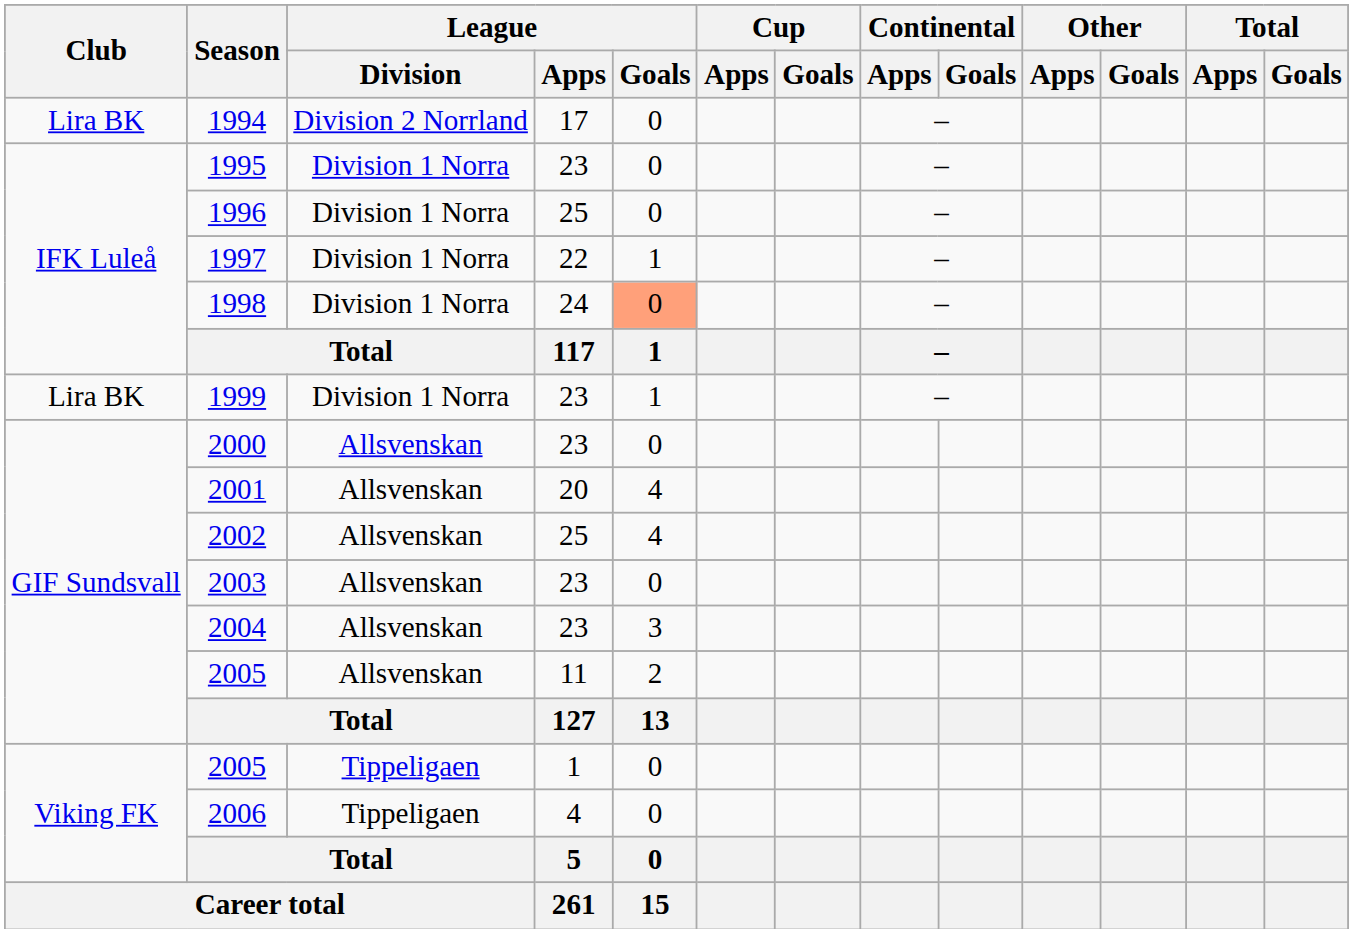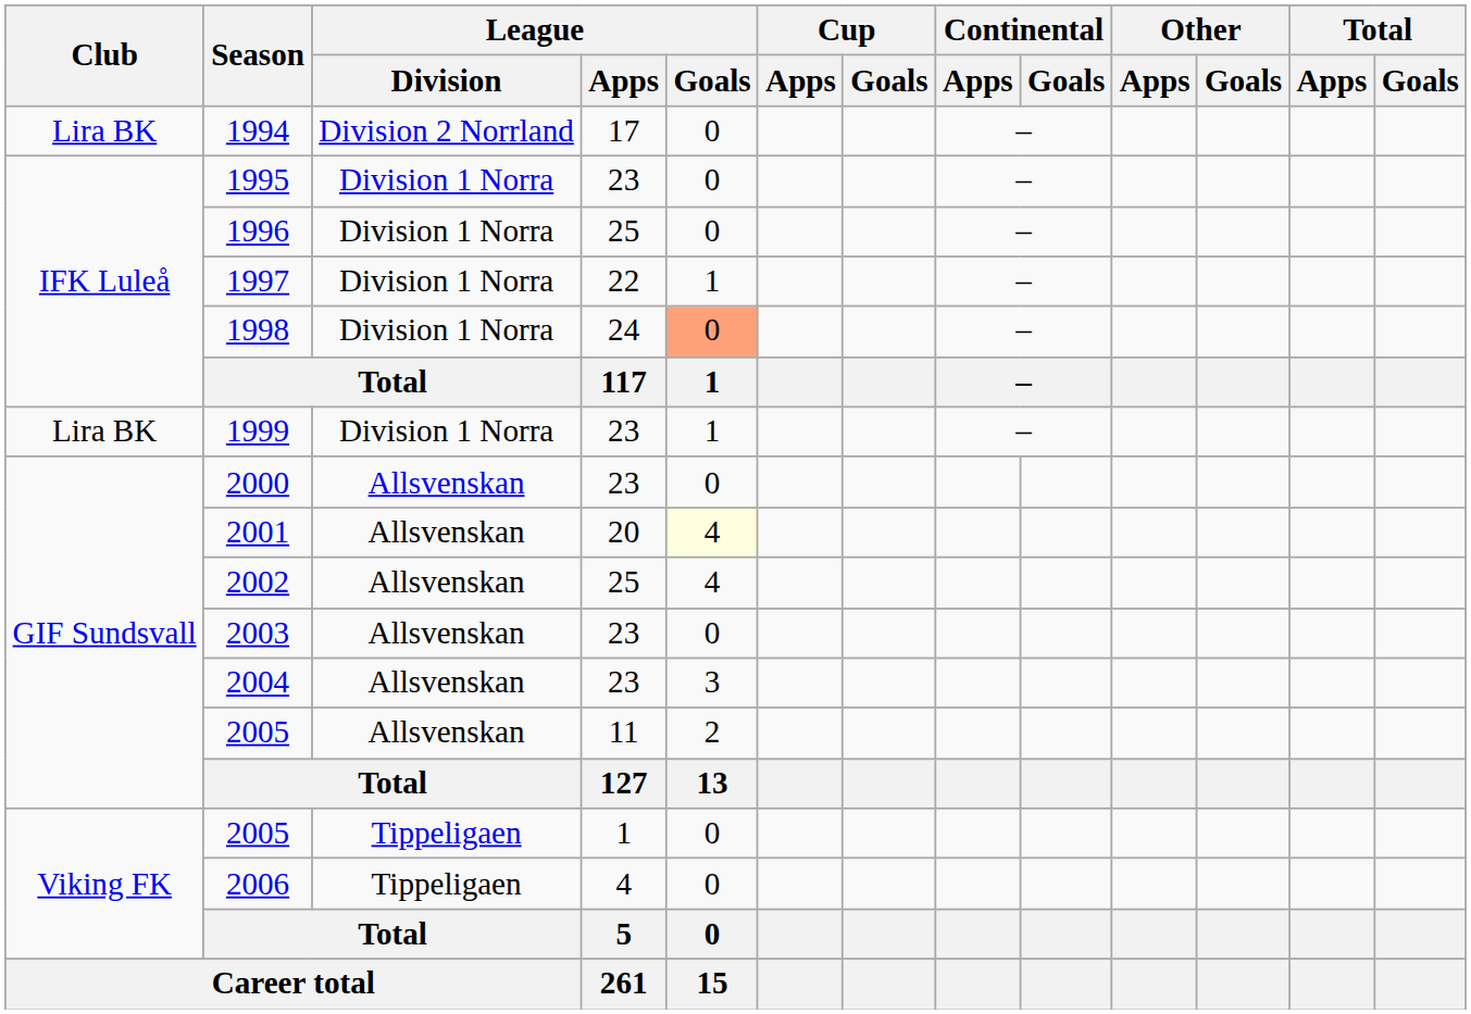 <table class="wikitable" style="text-align:center">
 <tr>
 <th rowspan="2">Club</th>
 <th rowspan="2">Season</th>
 <th colspan="3">League</th>
 <th colspan="2">Cup</th>
 <th colspan="2">Continental</th>
 <th colspan="2">Other</th>
 <th colspan="2">Total</th>
 </tr>
 <tr>
 <th>Division</th>
 <th>Apps</th>
 <th>Goals</th>
 <th>Apps</th>
 <th>Goals</th>
 <th>Apps</th>
 <th>Goals</th>
 <th>Apps</th>
 <th>Goals</th>
 <th>Apps</th>
 <th>Goals</th>
 </tr>
 <tr>
 <td><a href='#'>Lira BK</a></td>
 <td><a href='#'>1994</a></td>
 <td><a href='#'>Division 2 Norrland</a></td>
 <td>17</td>
 <td>0</td>
 <td></td>
 <td></td>
 <td colspan="2">–</td>
 <td></td>
 <td></td>
 <td></td>
 <td></td>
 </tr>
 <tr>
 <td rowspan="5"><a href='#'>IFK Luleå</a></td>
 <td><a href='#'>1995</a></td>
 <td><a href='#'>Division 1 Norra</a></td>
 <td>23</td>
 <td>0</td>
 <td></td>
 <td></td>
 <td colspan="2">–</td>
 <td></td>
 <td></td>
 <td></td>
 <td></td>
 </tr>
 <tr>
 <td><a href='#'>1996</a></td>
 <td>Division 1 Norra</td>
 <td>25</td>
 <td>0</td>
 <td></td>
 <td></td>
 <td colspan="2">–</td>
 <td></td>
 <td></td>
 <td></td>
 <td></td>
 </tr>
 <tr>
 <td><a href='#'>1997</a></td>
 <td>Division 1 Norra</td>
 <td>22</td>
 <td>1</td>
 <td></td>
 <td></td>
 <td colspan="2">–</td>
 <td></td>
 <td></td>
 <td></td>
 <td></td>
 </tr>
 <tr>
 <td><a href='#'>1998</a></td>
 <td>Division 1 Norra</td>
 <td>24</td>
 <td style="background: lightsalmon;">0</td>
 <td></td>
 <td></td>
 <td colspan="2">–</td>
 <td></td>
 <td></td>
 <td></td>
 <td></td>
 </tr>
 <tr>
 <th colspan="2">Total</th>
 <th>117</th>
 <th>1</th>
 <th></th>
 <th></th>
 <th colspan="2">–</th>
 <th></th>
 <th></th>
 <th></th>
 <th></th>
 </tr>
 <tr>
 <td>Lira BK</td>
 <td><a href='#'>1999</a></td>
 <td>Division 1 Norra</td>
 <td>23</td>
 <td>1</td>
 <td></td>
 <td></td>
 <td colspan="2">–</td>
 <td></td>
 <td></td>
 <td></td>
 <td></td>
 </tr>
 <tr>
 <td rowspan="7"><a href='#'>GIF Sundsvall</a></td>
 <td><a href='#'>2000</a></td>
 <td><a href='#'>Allsvenskan</a></td>
 <td>23</td>
 <td>0</td>
 <td></td>
 <td></td>
 <td></td>
 <td></td>
 <td></td>
 <td></td>
 <td></td>
 <td></td>
 </tr>
 <tr>
 <td><a href='#'>2001</a></td>
 <td>Allsvenskan</td>
 <td>20</td>
-<td>4</td>
+<td style="background: lightyellow;">4</td>
 <td></td>
 <td></td>
 <td></td>
 <td></td>
 <td></td>
 <td></td>
 <td></td>
 <td></td>
 </tr>
 <tr>
 <td><a href='#'>2002</a></td>
 <td>Allsvenskan</td>
 <td>25</td>
 <td>4</td>
 <td></td>
 <td></td>
 <td></td>
 <td></td>
 <td></td>
 <td></td>
 <td></td>
 <td></td>
 </tr>
 <tr>
 <td><a href='#'>2003</a></td>
 <td>Allsvenskan</td>
 <td>23</td>
 <td>0</td>
 <td></td>
 <td></td>
 <td></td>
 <td></td>
 <td></td>
 <td></td>
 <td></td>
 <td></td>
 </tr>
 <tr>
 <td><a href='#'>2004</a></td>
 <td>Allsvenskan</td>
 <td>23</td>
 <td>3</td>
 <td></td>
 <td></td>
 <td></td>
 <td></td>
 <td></td>
 <td></td>
 <td></td>
 <td></td>
 </tr>
 <tr>
 <td><a href='#'>2005</a></td>
 <td>Allsvenskan</td>
 <td>11</td>
 <td>2</td>
 <td></td>
 <td></td>
 <td></td>
 <td></td>
 <td></td>
 <td></td>
 <td></td>
 <td></td>
 </tr>
 <tr>
 <th colspan="2">Total</th>
 <th>127</th>
 <th>13</th>
 <th></th>
 <th></th>
 <th></th>
 <th></th>
 <th></th>
 <th></th>
 <th></th>
 <th></th>
 </tr>
 <tr>
 <td rowspan="3"><a href='#'>Viking FK</a></td>
 <td><a href='#'>2005</a></td>
 <td><a href='#'>Tippeligaen</a></td>
 <td>1</td>
 <td>0</td>
 <td></td>
 <td></td>
 <td></td>
 <td></td>
 <td></td>
 <td></td>
 <td></td>
 <td></td>
 </tr>
 <tr>
 <td><a href='#'>2006</a></td>
 <td>Tippeligaen</td>
 <td>4</td>
 <td>0</td>
 <td></td>
 <td></td>
 <td></td>
 <td></td>
 <td></td>
 <td></td>
 <td></td>
 <td></td>
 </tr>
 <tr>
 <th colspan="2">Total</th>
 <th>5</th>
 <th>0</th>
 <th></th>
 <th></th>
 <th></th>
 <th></th>
 <th></th>
 <th></th>
 <th></th>
 <th></th>
 </tr>
 <tr>
 <th colspan="3">Career total</th>
 <th>261</th>
 <th>15</th>
 <th></th>
 <th></th>
 <th></th>
 <th></th>
 <th></th>
 <th></th>
 <th></th>
 <th></th>
 </tr>
 </table>
